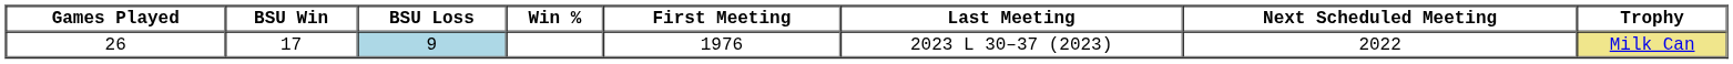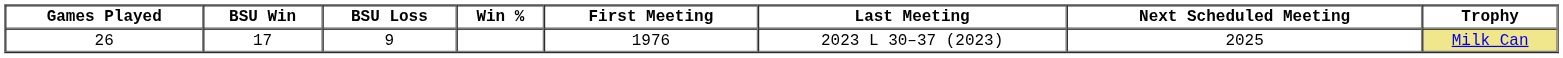 <table cellpadding="1" border="1" cellspacing="0" style="width:100%;">
 <tr>
 <th>Games Played</th>
 <th>BSU Win</th>
 <th>BSU Loss</th>
 <th>Win %</th>
 <th>First Meeting</th>
 <th>Last Meeting</th>
 <th>Next Scheduled Meeting</th>
 <th>Trophy</th>
 </tr>
 <tr style="text-align:center;">
 <td>26</td>
 <td>17</td>
-<td style="background: lightblue;">9</td>
+<td>9</td>
 <td></td>
 <td>1976</td>
 <td>2023 L 30–37 (2023)</td>
-<td>2022</td>
+<td>2025</td>
 <td style="background: khaki;"><a href='#'>Milk Can</a></td>
 </tr>
 </table>
